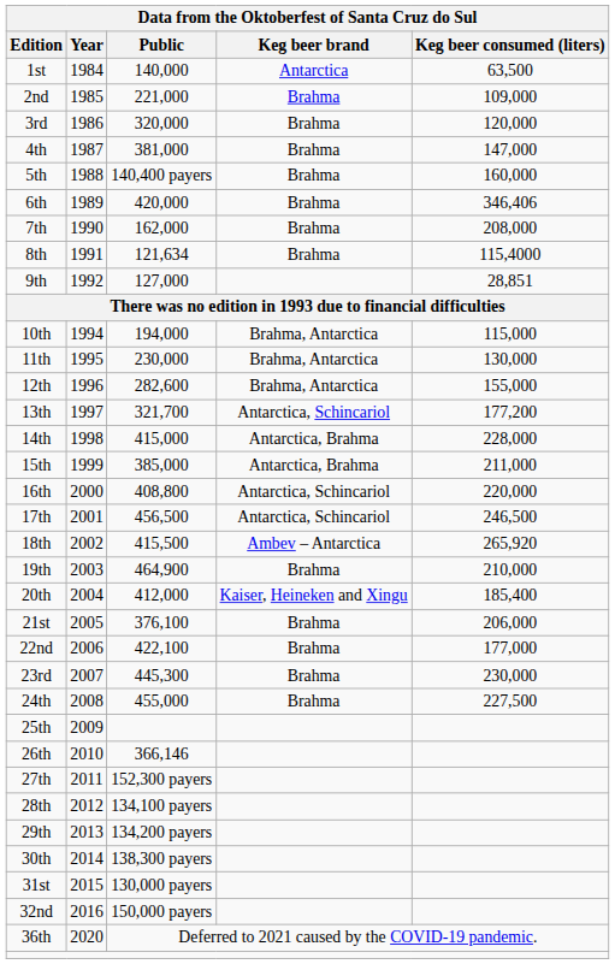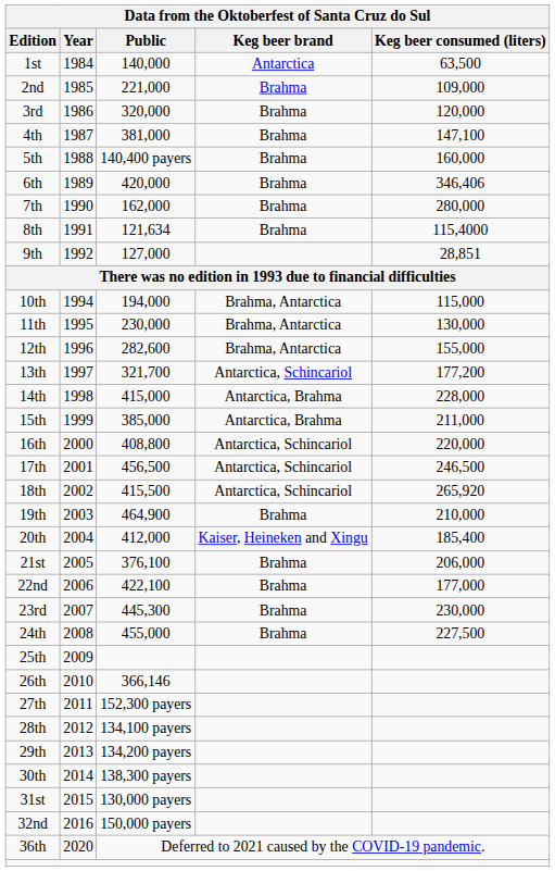 <table class="wikitable" style="float:center; margin:0 0 0 1em; text-size:80%; text-align:center">
 <tr>
 <th align=center colspan=5>Data from the Oktoberfest of Santa Cruz do Sul</th>
 </tr>
 <tr>
 <th>Edition</th>
 <th>Year</th>
 <th>Public</th>
 <th>Keg beer brand</th>
 <th>Keg beer consumed (liters)</th>
 </tr>
 <tr>
 <td>1st</td>
 <td>1984</td>
 <td>140,000</td>
 <td><a href='#'>Antarctica</a></td>
 <td>63,500</td>
 </tr>
 <tr>
 <td>2nd</td>
 <td>1985</td>
 <td>221,000</td>
 <td><a href='#'>Brahma</a></td>
 <td>109,000</td>
 </tr>
 <tr>
 <td>3rd</td>
 <td>1986</td>
 <td>320,000</td>
 <td>Brahma</td>
 <td>120,000</td>
 </tr>
 <tr>
 <td>4th</td>
 <td>1987</td>
 <td>381,000</td>
 <td>Brahma</td>
-<td>147,000</td>
+<td>147,100</td>
 </tr>
 <tr>
 <td>5th</td>
 <td>1988</td>
 <td>140,400 payers </td>
 <td>Brahma</td>
 <td>160,000</td>
 </tr>
 <tr>
 <td>6th</td>
 <td>1989</td>
 <td>420,000</td>
 <td>Brahma</td>
 <td>346,406</td>
 </tr>
 <tr>
 <td>7th</td>
 <td>1990</td>
 <td>162,000</td>
 <td>Brahma</td>
-<td>208,000</td>
+<td>280,000</td>
 </tr>
 <tr>
 <td>8th</td>
 <td>1991</td>
 <td>121,634</td>
 <td>Brahma</td>
 <td>115,4000</td>
 </tr>
 <tr>
 <td>9th</td>
 <td>1992</td>
 <td>127,000</td>
 <td></td>
 <td>28,851 </td>
 </tr>
 <tr>
 <th colspan=5>There was no edition in 1993 due to financial difficulties</th>
 </tr>
 <tr>
 <td>10th</td>
 <td>1994</td>
 <td>194,000</td>
 <td>Brahma, Antarctica</td>
 <td>115,000</td>
 </tr>
 <tr>
 <td>11th</td>
 <td>1995</td>
 <td>230,000</td>
 <td>Brahma, Antarctica</td>
 <td>130,000</td>
 </tr>
 <tr>
 <td>12th</td>
 <td>1996</td>
 <td>282,600</td>
 <td>Brahma, Antarctica</td>
 <td>155,000</td>
 </tr>
 <tr>
 <td>13th</td>
 <td>1997</td>
 <td>321,700</td>
 <td>Antarctica, <a href='#'>Schincariol</a></td>
 <td>177,200</td>
 </tr>
 <tr>
 <td>14th</td>
 <td>1998</td>
 <td>415,000</td>
 <td>Antarctica, Brahma</td>
 <td>228,000</td>
 </tr>
 <tr>
 <td>15th</td>
 <td>1999</td>
 <td>385,000</td>
 <td>Antarctica, Brahma</td>
 <td>211,000</td>
 </tr>
 <tr>
 <td>16th</td>
 <td>2000</td>
 <td>408,800</td>
 <td>Antarctica, Schincariol</td>
 <td>220,000</td>
 </tr>
 <tr>
 <td>17th</td>
 <td>2001</td>
 <td>456,500</td>
 <td>Antarctica, Schincariol</td>
 <td>246,500</td>
 </tr>
 <tr>
 <td>18th</td>
 <td>2002</td>
 <td>415,500</td>
-<td><a href='#'>Ambev</a> – Antarctica</td>
+<td>Antarctica, Schincariol</td>
 <td>265,920</td>
 </tr>
 <tr>
 <td>19th</td>
 <td>2003</td>
 <td>464,900</td>
 <td>Brahma</td>
 <td>210,000</td>
 </tr>
 <tr>
 <td>20th</td>
 <td>2004</td>
 <td>412,000</td>
 <td><a href='#'>Kaiser</a>, <a href='#'>Heineken</a> and <a href='#'>Xingu</a></td>
 <td>185,400</td>
 </tr>
 <tr>
 <td>21st</td>
 <td>2005</td>
 <td>376,100</td>
 <td>Brahma</td>
 <td>206,000</td>
 </tr>
 <tr>
 <td>22nd</td>
 <td>2006</td>
 <td>422,100</td>
 <td>Brahma</td>
 <td>177,000</td>
 </tr>
 <tr>
 <td>23rd</td>
 <td>2007</td>
 <td>445,300</td>
 <td>Brahma</td>
 <td>230,000</td>
 </tr>
 <tr>
 <td>24th</td>
 <td>2008</td>
 <td>455,000</td>
 <td>Brahma</td>
 <td>227,500</td>
 </tr>
 <tr>
 <td>25th</td>
 <td>2009</td>
 <td></td>
 <td></td>
 <td></td>
 </tr>
 <tr>
 <td>26th</td>
 <td>2010</td>
 <td>366,146</td>
 <td></td>
 <td></td>
 </tr>
 <tr>
 <td>27th</td>
 <td>2011</td>
 <td>152,300 payers  </td>
 <td></td>
 <td></td>
 </tr>
 <tr>
 <td>28th</td>
 <td>2012</td>
 <td>134,100 payers </td>
 <td></td>
 <td></td>
 </tr>
 <tr>
 <td>29th</td>
 <td>2013</td>
 <td>134,200 payers </td>
 <td></td>
 <td></td>
 </tr>
 <tr>
 <td>30th</td>
 <td>2014</td>
 <td>138,300 payers </td>
 <td></td>
 <td></td>
 </tr>
 <tr>
 <td>31st</td>
 <td>2015</td>
 <td>130,000 payers </td>
 <td></td>
 <td></td>
 </tr>
 <tr>
 <td>32nd</td>
 <td>2016</td>
 <td>150,000 payers  </td>
 <td></td>
 <td></td>
 </tr>
 <tr>
 <td>36th</td>
 <td>2020</td>
 <td colspan=3>Deferred to 2021 caused by the <a href='#'>COVID-19 pandemic</a>.</td>
 </tr>
 <tr>
 <td colspan="5"></td>
 </tr>
 </table>
